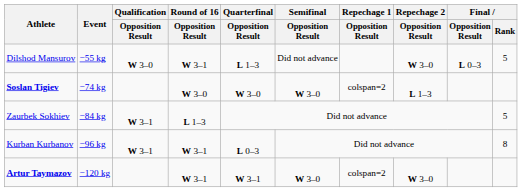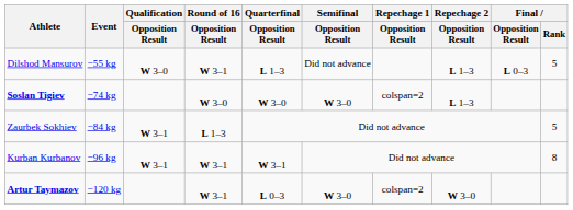 <table class="wikitable" style="font-size:90%">
 <tr>
 <th rowspan="2">Athlete</th>
 <th rowspan="2">Event</th>
 <th>Qualification</th>
 <th>Round of 16</th>
 <th>Quarterfinal</th>
 <th>Semifinal</th>
 <th>Repechage 1</th>
 <th>Repechage 2</th>
 <th colspan=2>Final / </th>
 </tr>
 <tr style="font-size: 95%">
 <th>Opposition<br>Result</th>
 <th>Opposition<br>Result</th>
 <th>Opposition<br>Result</th>
 <th>Opposition<br>Result</th>
 <th>Opposition<br>Result</th>
 <th>Opposition<br>Result</th>
 <th>Opposition<br>Result</th>
 <th>Rank</th>
 </tr>
 <tr align=center>
 <td align=left><a href='#'>Dilshod Mansurov</a></td>
 <td align=left><a href='#'>−55 kg</a></td>
 <td><br><strong>W</strong> 3–0 <sup></sup></td>
 <td><br><strong>W</strong> 3–1 <sup></sup></td>
 <td><br><strong>L</strong> 1–3 <sup></sup></td>
 <td>Did not advance</td>
 <td></td>
-<td><br><strong>W</strong> 3–0 <sup></sup></td>
+<td><br><strong>L</strong> 1–3 <sup></sup></td>
 <td><br><strong>L</strong> 0–3 <sup></sup></td>
 <td>5</td>
 </tr>
 <tr align=center>
 <td align=left><strong><a href='#'>Soslan Tigiev</a></strong></td>
 <td align=left><a href='#'>−74 kg</a></td>
 <td></td>
 <td><br><strong>W</strong> 3–0 <sup></sup></td>
 <td><br><strong>W</strong> 3–0 <sup></sup></td>
 <td><br><strong>W</strong> 3–0 <sup></sup></td>
 <td>colspan=2 </td>
 <td><br><strong>L</strong> 1–3 <sup></sup></td>
 <td></td>
 </tr>
 <tr align=center>
 <td align=left><a href='#'>Zaurbek Sokhiev</a></td>
 <td align=left><a href='#'>−84 kg</a></td>
 <td><br><strong>W</strong> 3–1 <sup></sup></td>
 <td><br><strong>L</strong> 1–3 <sup></sup></td>
 <td colspan=5>Did not advance</td>
 <td>5</td>
 </tr>
 <tr align=center>
 <td align=left><a href='#'>Kurban Kurbanov</a></td>
 <td align=left><a href='#'>−96 kg</a></td>
 <td><br><strong>W</strong> 3–1 <sup></sup></td>
 <td><br><strong>W</strong> 3–1 <sup></sup></td>
-<td><br><strong>L</strong> 0–3 <sup></sup></td>
+<td><br><strong>W</strong> 3–1 <sup></sup></td>
 <td colspan=4>Did not advance</td>
 <td>8</td>
 </tr>
 <tr align=center>
 <td align=left><strong><a href='#'>Artur Taymazov</a></strong></td>
 <td align=left><a href='#'>−120 kg</a></td>
 <td></td>
 <td><br><strong>W</strong> 3–1 <sup></sup></td>
-<td><br><strong>W</strong> 3–1 <sup></sup></td>
+<td><br><strong>L</strong> 0–3 <sup></sup></td>
 <td><br><strong>W</strong> 3–0 <sup></sup></td>
 <td>colspan=2 </td>
 <td><br><strong>W</strong> 3–0 <sup></sup></td>
 <td></td>
 </tr>
 </table>
